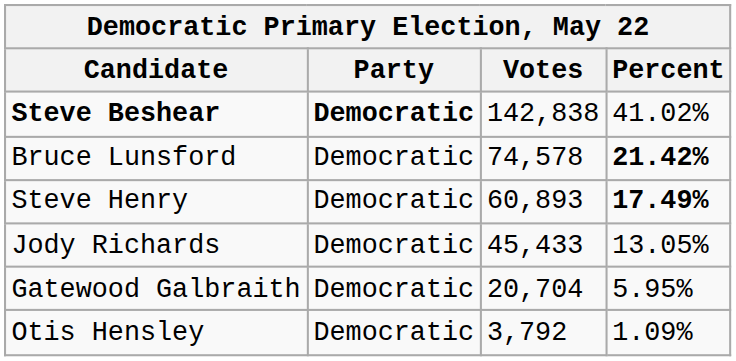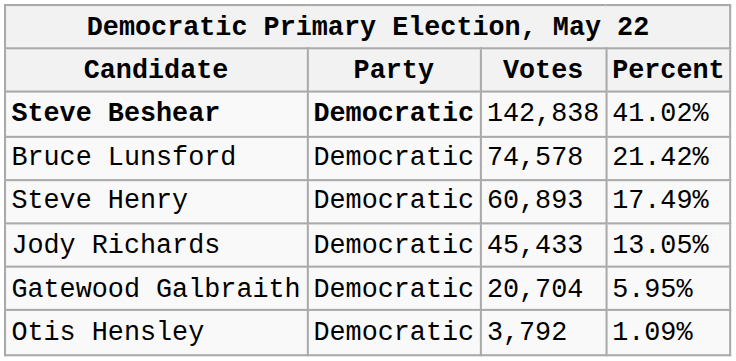 <table class="wikitable">
 <tr>
 <th colspan=4><strong>Democratic Primary Election, May 22</strong></th>
 </tr>
 <tr>
 <th>Candidate</th>
 <th>Party</th>
 <th>Votes</th>
 <th>Percent</th>
 </tr>
 <tr>
 <td><strong>Steve Beshear</strong></td>
 <td><strong>Democratic</strong></td>
 <td>142,838</td>
 <td>41.02%</td>
 </tr>
 <tr>
 <td>Bruce Lunsford</td>
 <td>Democratic</td>
 <td>74,578</td>
-<td><strong>21.42%</strong></td>
+<td>21.42%</td>
 </tr>
 <tr>
 <td>Steve Henry</td>
 <td>Democratic</td>
 <td>60,893</td>
-<td><strong>17.49%</strong></td>
+<td>17.49%</td>
 </tr>
 <tr>
 <td>Jody Richards</td>
 <td>Democratic</td>
 <td>45,433</td>
 <td>13.05%</td>
 </tr>
 <tr>
 <td>Gatewood Galbraith</td>
 <td>Democratic</td>
 <td>20,704</td>
 <td>5.95%</td>
 </tr>
 <tr>
 <td>Otis Hensley</td>
 <td>Democratic</td>
 <td>3,792</td>
 <td>1.09%</td>
 </tr>
 </table>
